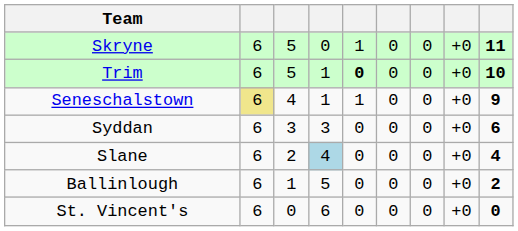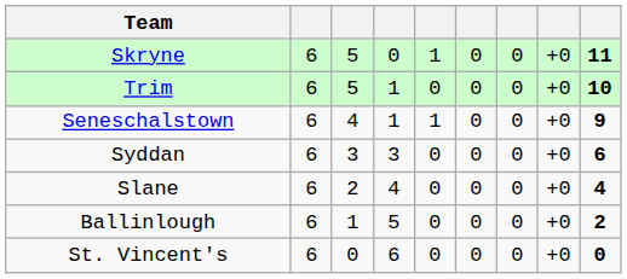 <table class="wikitable" style="text-align:center">
 <tr>
 <th style="width:175px;">Team</th>
 <th width="20"></th>
 <th width="20"></th>
 <th width="20"></th>
 <th width="20"></th>
 <th width="20"></th>
 <th width="20"></th>
 <th width="20"></th>
 <th width="20"></th>
 </tr>
 <tr style="background:#cfc;">
 <td><a href='#'>Skryne</a></td>
 <td>6</td>
 <td>5</td>
 <td>0</td>
 <td>1</td>
 <td>0</td>
 <td>0</td>
 <td>+0</td>
 <td><strong>11</strong></td>
 </tr>
 <tr style="background:#cfc;">
 <td><a href='#'>Trim</a></td>
 <td>6</td>
 <td>5</td>
 <td>1</td>
-<td><strong>0</strong></td>
+<td>0</td>
 <td>0</td>
 <td>0</td>
 <td>+0</td>
 <td><strong>10</strong></td>
 </tr>
 <tr>
 <td><a href='#'>Seneschalstown</a></td>
-<td style="background: khaki;">6</td>
+<td>6</td>
 <td>4</td>
 <td>1</td>
 <td>1</td>
 <td>0</td>
 <td>0</td>
 <td>+0</td>
 <td><strong>9</strong></td>
 </tr>
 <tr>
 <td>Syddan</td>
 <td>6</td>
 <td>3</td>
 <td>3</td>
 <td>0</td>
 <td>0</td>
 <td>0</td>
 <td>+0</td>
 <td><strong>6</strong></td>
 </tr>
 <tr>
 <td>Slane</td>
 <td>6</td>
 <td>2</td>
-<td style="background: lightblue;">4</td>
+<td>4</td>
 <td>0</td>
 <td>0</td>
 <td>0</td>
 <td>+0</td>
 <td><strong>4</strong></td>
 </tr>
 <tr>
 <td>Ballinlough</td>
 <td>6</td>
 <td>1</td>
 <td>5</td>
 <td>0</td>
 <td>0</td>
 <td>0</td>
 <td>+0</td>
 <td><strong>2</strong></td>
 </tr>
 <tr>
 <td>St. Vincent's</td>
 <td>6</td>
 <td>0</td>
 <td>6</td>
 <td>0</td>
 <td>0</td>
 <td>0</td>
 <td>+0</td>
 <td><strong>0</strong></td>
 </tr>
 </table>
